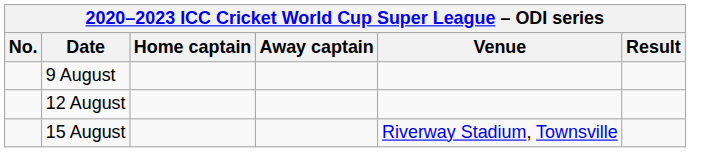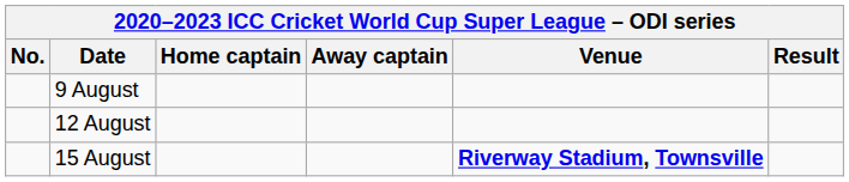 <table class="wikitable">
 <tr>
 <th colspan="9"><a href='#'>2020–2023 ICC Cricket World Cup Super League</a> – ODI series</th>
 </tr>
 <tr>
 <th>No.</th>
 <th>Date</th>
 <th>Home captain</th>
 <th>Away captain</th>
 <th>Venue</th>
 <th>Result</th>
 </tr>
 <tr>
 <td></td>
 <td>9 August</td>
 <td></td>
 <td></td>
 <td></td>
 <td></td>
 </tr>
 <tr>
 <td></td>
 <td>12 August</td>
 <td></td>
 <td></td>
 <td></td>
 <td></td>
 </tr>
 <tr>
 <td></td>
 <td>15 August</td>
 <td></td>
 <td></td>
-<td><a href='#'>Riverway Stadium</a>, <a href='#'>Townsville</a></td>
+<td><strong><a href='#'>Riverway Stadium</a>, <a href='#'>Townsville</a></strong></td>
 <td></td>
 </tr>
 </table>
